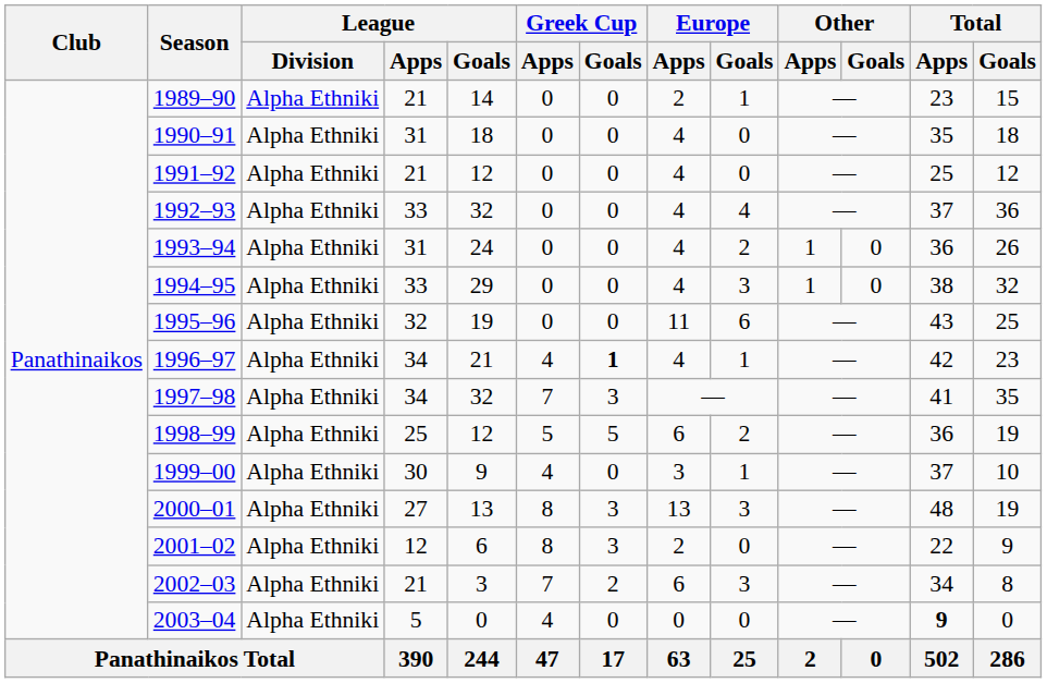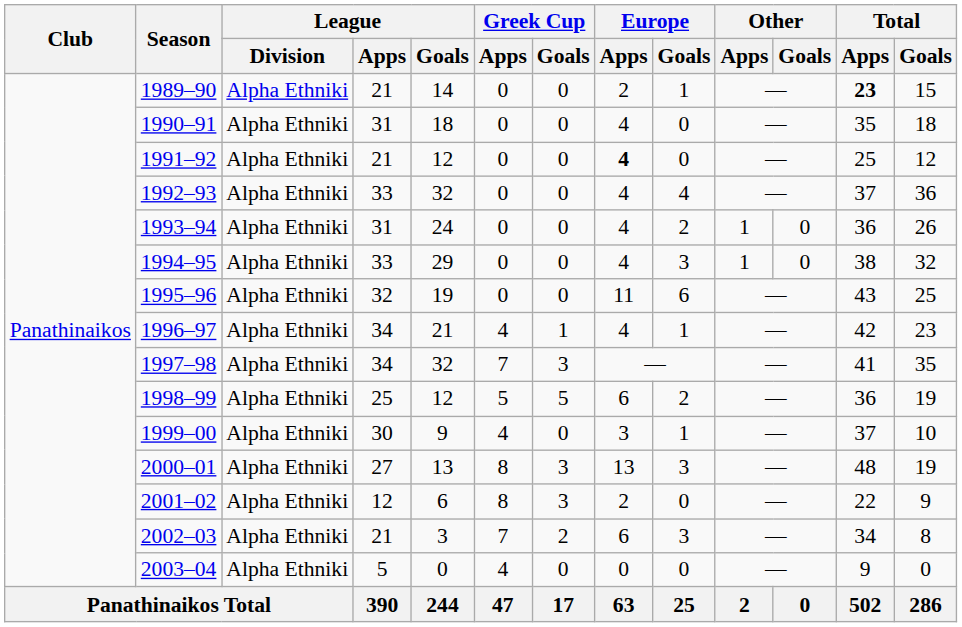 <table class="wikitable" style="text-align:center">
 <tr>
 <th rowspan="2">Club</th>
 <th rowspan="2">Season</th>
 <th colspan="3">League</th>
 <th colspan="2"><a href='#'>Greek Cup</a></th>
 <th colspan="2"><a href='#'>Europe</a></th>
 <th colspan="2">Other</th>
 <th colspan="2">Total</th>
 </tr>
 <tr>
 <th>Division</th>
 <th>Apps</th>
 <th>Goals</th>
 <th>Apps</th>
 <th>Goals</th>
 <th>Apps</th>
 <th>Goals</th>
 <th>Apps</th>
 <th>Goals</th>
 <th>Apps</th>
 <th>Goals</th>
 </tr>
 <tr>
 <td rowspan="15"><a href='#'>Panathinaikos</a></td>
 <td><a href='#'>1989–90</a></td>
 <td><a href='#'>Alpha Ethniki</a></td>
 <td>21</td>
 <td>14</td>
 <td>0</td>
 <td>0</td>
 <td>2</td>
 <td>1</td>
 <td colspan="2">—</td>
-<td>23</td>
+<td><strong>23</strong></td>
 <td>15</td>
 </tr>
 <tr>
 <td><a href='#'>1990–91</a></td>
 <td>Alpha Ethniki</td>
 <td>31</td>
 <td>18</td>
 <td>0</td>
 <td>0</td>
 <td>4</td>
 <td>0</td>
 <td colspan="2">—</td>
 <td>35</td>
 <td>18</td>
 </tr>
 <tr>
 <td><a href='#'>1991–92</a></td>
 <td>Alpha Ethniki</td>
 <td>21</td>
 <td>12</td>
 <td>0</td>
 <td>0</td>
-<td>4</td>
+<td><strong>4</strong></td>
 <td>0</td>
 <td colspan="2">—</td>
 <td>25</td>
 <td>12</td>
 </tr>
 <tr>
 <td><a href='#'>1992–93</a></td>
 <td>Alpha Ethniki</td>
 <td>33</td>
 <td>32</td>
 <td>0</td>
 <td>0</td>
 <td>4</td>
 <td>4</td>
 <td colspan="2">—</td>
 <td>37</td>
 <td>36</td>
 </tr>
 <tr>
 <td><a href='#'>1993–94</a></td>
 <td>Alpha Ethniki</td>
 <td>31</td>
 <td>24</td>
 <td>0</td>
 <td>0</td>
 <td>4</td>
 <td>2</td>
 <td>1</td>
 <td>0</td>
 <td>36</td>
 <td>26</td>
 </tr>
 <tr>
 <td><a href='#'>1994–95</a></td>
 <td>Alpha Ethniki</td>
 <td>33</td>
 <td>29</td>
 <td>0</td>
 <td>0</td>
 <td>4</td>
 <td>3</td>
 <td>1</td>
 <td>0</td>
 <td>38</td>
 <td>32</td>
 </tr>
 <tr>
 <td><a href='#'>1995–96</a></td>
 <td>Alpha Ethniki</td>
 <td>32</td>
 <td>19</td>
 <td>0</td>
 <td>0</td>
 <td>11</td>
 <td>6</td>
 <td colspan="2">—</td>
 <td>43</td>
 <td>25</td>
 </tr>
 <tr>
 <td><a href='#'>1996–97</a></td>
 <td>Alpha Ethniki</td>
 <td>34</td>
 <td>21</td>
 <td>4</td>
-<td><strong>1</strong></td>
+<td>1</td>
 <td>4</td>
 <td>1</td>
 <td colspan="2">—</td>
 <td>42</td>
 <td>23</td>
 </tr>
 <tr>
 <td><a href='#'>1997–98</a></td>
 <td>Alpha Ethniki</td>
 <td>34</td>
 <td>32</td>
 <td>7</td>
 <td>3</td>
 <td colspan="2">—</td>
 <td colspan="2">—</td>
 <td>41</td>
 <td>35</td>
 </tr>
 <tr>
 <td><a href='#'>1998–99</a></td>
 <td>Alpha Ethniki</td>
 <td>25</td>
 <td>12</td>
 <td>5</td>
 <td>5</td>
 <td>6</td>
 <td>2</td>
 <td colspan="2">—</td>
 <td>36</td>
 <td>19</td>
 </tr>
 <tr>
 <td><a href='#'>1999–00</a></td>
 <td>Alpha Ethniki</td>
 <td>30</td>
 <td>9</td>
 <td>4</td>
 <td>0</td>
 <td>3</td>
 <td>1</td>
 <td colspan="2">—</td>
 <td>37</td>
 <td>10</td>
 </tr>
 <tr>
 <td><a href='#'>2000–01</a></td>
 <td>Alpha Ethniki</td>
 <td>27</td>
 <td>13</td>
 <td>8</td>
 <td>3</td>
 <td>13</td>
 <td>3</td>
 <td colspan="2">—</td>
 <td>48</td>
 <td>19</td>
 </tr>
 <tr>
 <td><a href='#'>2001–02</a></td>
 <td>Alpha Ethniki</td>
 <td>12</td>
 <td>6</td>
 <td>8</td>
 <td>3</td>
 <td>2</td>
 <td>0</td>
 <td colspan=2>—</td>
 <td>22</td>
 <td>9</td>
 </tr>
 <tr>
 <td><a href='#'>2002–03</a></td>
 <td>Alpha Ethniki</td>
 <td>21</td>
 <td>3</td>
 <td>7</td>
 <td>2</td>
 <td>6</td>
 <td>3</td>
 <td colspan="2">—</td>
 <td>34</td>
 <td>8</td>
 </tr>
 <tr>
 <td><a href='#'>2003–04</a></td>
 <td>Alpha Ethniki</td>
 <td>5</td>
 <td>0</td>
 <td>4</td>
 <td>0</td>
 <td>0</td>
 <td>0</td>
 <td colspan="2">—</td>
-<td><strong>9</strong></td>
+<td>9</td>
 <td>0</td>
 </tr>
 <tr>
 <th colspan="3">Panathinaikos Total</th>
 <th>390</th>
 <th>244</th>
 <th>47</th>
 <th>17</th>
 <th>63</th>
 <th>25</th>
 <th>2</th>
 <th>0</th>
 <th>502</th>
 <th>286</th>
 </tr>
 </table>
